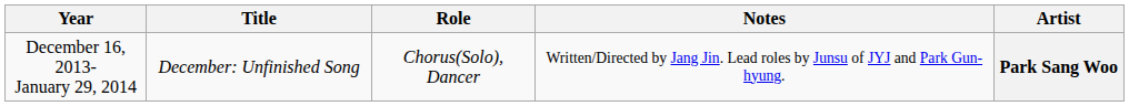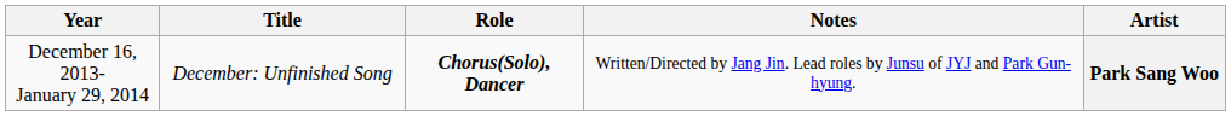 <table class="wikitable" style="text-align:center">
 <tr>
 <th width="120">Year <br></th>
 <th width="195">Title</th>
 <th width="140">Role</th>
 <th width="405">Notes</th>
 <th width="110">Artist</th>
 </tr>
 <tr>
 <td>December 16, 2013- <br>January 29, 2014</td>
 <td><em>December: Unfinished Song</em></td>
-<td><em>Chorus(Solo), Dancer</em></td>
+<td><strong><em>Chorus(Solo), Dancer</em></strong></td>
 <td style="font-size: 85%;">Written/Directed by <a href='#'>Jang Jin</a>.  Lead roles by <a href='#'>Junsu</a> of <a href='#'>JYJ</a> and <a href='#'>Park Gun-hyung</a>.</td>
 <th>Park Sang Woo</th>
 </tr>
 <tr>
 </tr>
 </table>
